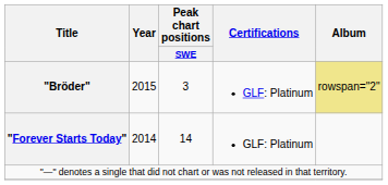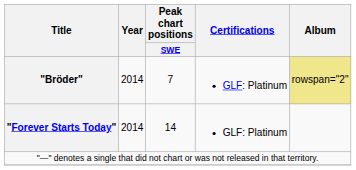 <table class="wikitable plainrowheaders" style="text-align:center;">
 <tr>
 <th scope="col" rowspan="2">Title</th>
 <th scope="col" rowspan="2">Year</th>
 <th scope="col" colspan="1">Peak chart positions</th>
 <th scope="col" rowspan="2"><a href='#'>Certifications</a></th>
 <th scope="col" rowspan="2">Album</th>
 </tr>
 <tr>
 <th scope="col" style="width:3em;font-size:85%;"><a href='#'>SWE</a><br></th>
 </tr>
 <tr>
 <th scope="row">"Bröder"</th>
-<td>2015</td>
-<td>3</td>
+<td>2014</td>
+<td>7</td>
 <td><br><ul><li><a href='#'>GLF</a>: Platinum</li></ul></td>
 <td style="background: khaki;">rowspan="2" </td>
 </tr>
 <tr>
 <th scope="row">"<a href='#'>Forever Starts Today</a>"</th>
 <td>2014</td>
 <td>14</td>
 <td><br><ul><li>GLF: Platinum</li></ul></td>
 </tr>
 <tr>
 <td colspan="10" style="font-size:85%">"—" denotes a single that did not chart or was not released in that territory.</td>
 </tr>
 <tr>
 </tr>
 </table>
